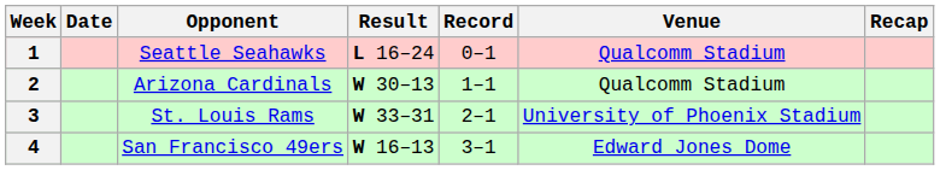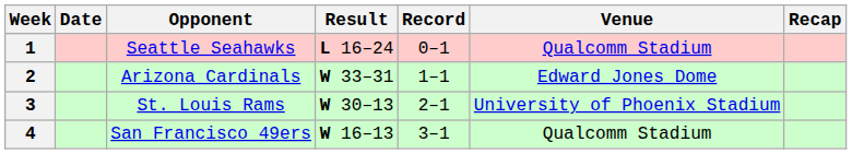 <table class="wikitable">
 <tr>
 <th>Week</th>
 <th>Date</th>
 <th>Opponent</th>
 <th>Result</th>
 <th>Record</th>
 <th>Venue</th>
 <th>Recap</th>
 </tr>
 <tr align="center" bgcolor="#fcc">
 <th>1</th>
 <td></td>
 <td><a href='#'>Seattle Seahawks</a></td>
 <td><strong>L</strong> 16–24</td>
 <td>0–1</td>
 <td><a href='#'>Qualcomm Stadium</a></td>
 <td></td>
 </tr>
 <tr align="center" bgcolor="#cfc">
 <th>2</th>
 <td></td>
 <td><a href='#'>Arizona Cardinals</a></td>
-<td><strong>W</strong> 30–13</td>
+<td><strong>W</strong> 33–31</td>
 <td>1–1</td>
-<td>Qualcomm Stadium</td>
+<td><a href='#'>Edward Jones Dome</a></td>
 <td></td>
 </tr>
 <tr align="center" bgcolor="#cfc">
 <th>3</th>
 <td></td>
 <td><a href='#'>St. Louis Rams</a></td>
-<td><strong>W</strong> 33–31</td>
+<td><strong>W</strong> 30–13</td>
 <td>2–1</td>
 <td><a href='#'>University of Phoenix Stadium</a></td>
 <td></td>
 </tr>
 <tr align="center" bgcolor="#cfc">
 <th>4</th>
 <td></td>
 <td><a href='#'>San Francisco 49ers</a></td>
 <td><strong>W</strong> 16–13</td>
 <td>3–1</td>
-<td><a href='#'>Edward Jones Dome</a></td>
+<td>Qualcomm Stadium</td>
 <td></td>
 </tr>
 </table>
